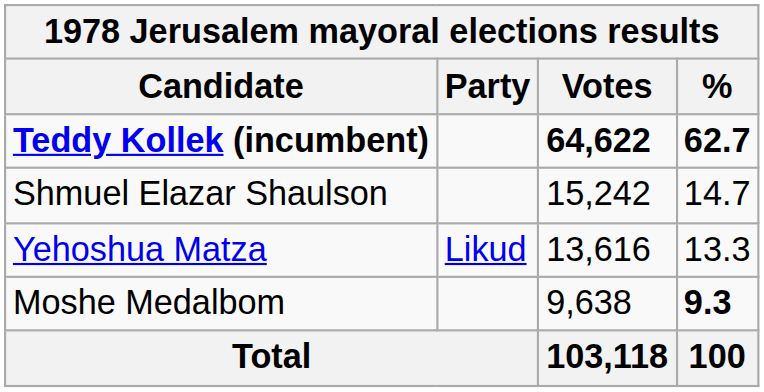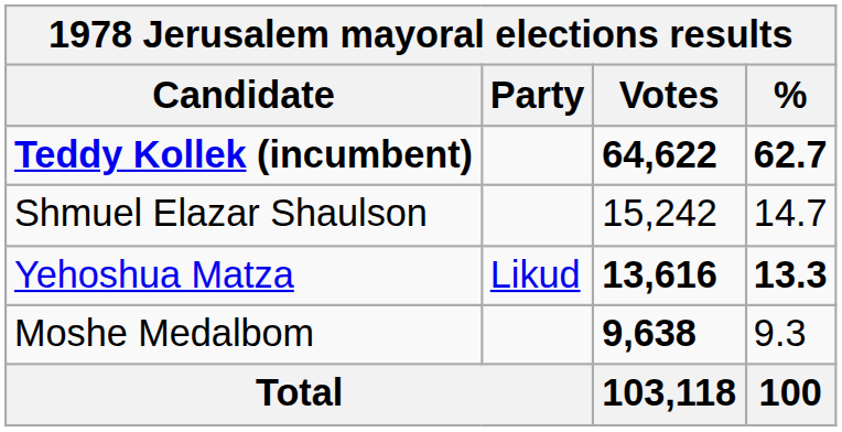 <table class="wikitable sortable">
 <tr>
 <th colspan=4><strong>1978 Jerusalem mayoral elections results</strong></th>
 </tr>
 <tr>
 <th>Candidate</th>
 <th>Party</th>
 <th>Votes</th>
 <th>%</th>
 </tr>
 <tr>
 <td><strong><a href='#'>Teddy Kollek</a> (incumbent)</strong></td>
 <td></td>
 <td><strong>64,622</strong></td>
 <td><strong>62.7</strong></td>
 </tr>
 <tr>
 <td>Shmuel Elazar Shaulson</td>
 <td></td>
 <td>15,242</td>
 <td>14.7</td>
 </tr>
 <tr>
 <td><a href='#'>Yehoshua Matza</a></td>
 <td><a href='#'>Likud</a></td>
-<td>13,616</td>
-<td>13.3</td>
+<td><strong>13,616</strong></td>
+<td><strong>13.3</strong></td>
 </tr>
 <tr>
 <td>Moshe Medalbom</td>
 <td></td>
-<td>9,638</td>
-<td><strong>9.3</strong></td>
+<td><strong>9,638</strong></td>
+<td>9.3</td>
 </tr>
 <tr>
 <th colspan=2>Total</th>
 <th>103,118</th>
 <th>100</th>
 </tr>
 </table>
